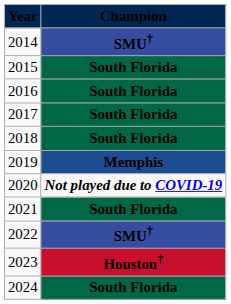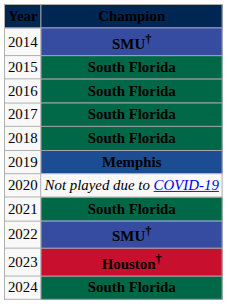 <table class="wikitable" style="text-align: center;">
 <tr>
 <th style="background:#002654;"><span>Year</span></th>
 <th style="background:#002654;"><span>Champion</span></th>
 </tr>
 <tr>
 <td>2014</td>
 <td style="background:#354ca1;"><span><strong>SMU<sup>†</sup></strong></span></td>
 </tr>
 <tr>
 <td>2015</td>
 <td style="background:#006747;"><span><strong>South Florida</strong></span></td>
 </tr>
 <tr>
 <td>2016</td>
 <td style="background:#006747;"><span><strong>South Florida</strong></span></td>
 </tr>
 <tr>
 <td>2017</td>
 <td style="background:#006747;"><span><strong>South Florida</strong></span></td>
 </tr>
 <tr>
 <td>2018</td>
 <td style="background:#006747;"><span><strong>South Florida</strong></span></td>
 </tr>
 <tr>
 <td>2019</td>
 <td style="background:#1c4c91;"><span><strong>Memphis</strong></span></td>
 </tr>
 <tr>
 <td>2020</td>
-<td><strong><em>Not played due to <a href='#'>COVID-19</a></em></strong></td>
+<td><em>Not played due to <a href='#'>COVID-19</a></em></td>
 </tr>
 <tr>
 <td>2021</td>
 <td style="background:#006747;"><span><strong>South Florida</strong></span></td>
 </tr>
 <tr>
 <td>2022</td>
 <td style="background:#354ca1;"><span><strong>SMU<sup>†</sup></strong></span></td>
 </tr>
 <tr>
 <td>2023</td>
 <td style="background:#c8102e;"><span><strong>Houston<sup>†</sup></strong></span></td>
 </tr>
 <tr>
 <td>2024</td>
 <td style="background:#006747;"><span><strong>South Florida</strong></span></td>
 </tr>
 </table>
